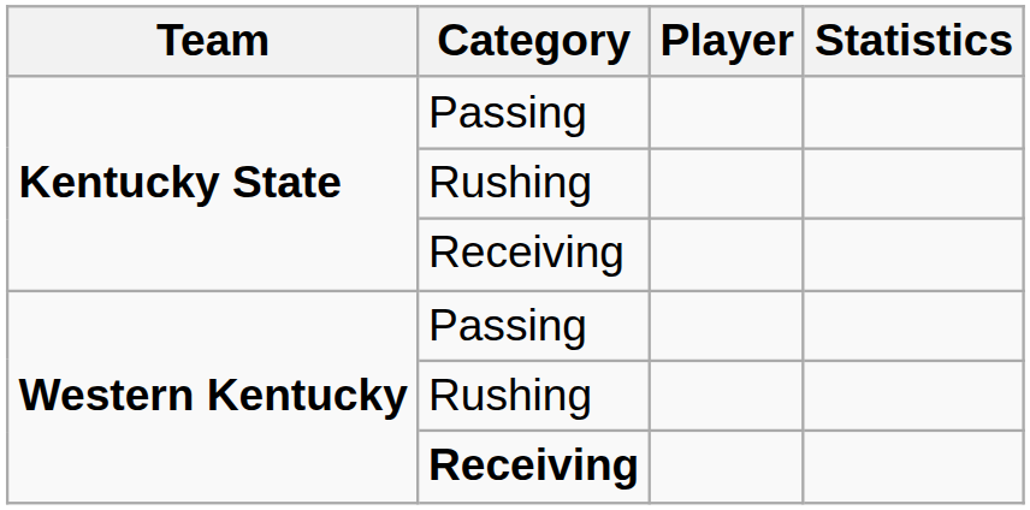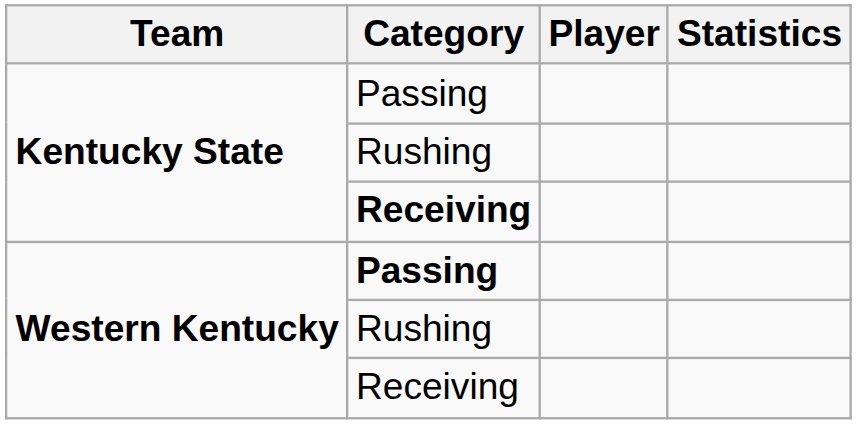 <table class="wikitable" style="float: right;">
 <tr>
 <th>Team</th>
 <th>Category</th>
 <th>Player</th>
 <th>Statistics</th>
 </tr>
 <tr>
 <td rowspan=3><strong>Kentucky State</strong></td>
 <td>Passing</td>
 <td></td>
 <td></td>
 </tr>
 <tr>
 <td>Rushing</td>
 <td></td>
 <td></td>
 </tr>
 <tr>
-<td>Receiving</td>
+<td><strong>Receiving</strong></td>
 <td></td>
 <td></td>
 </tr>
 <tr>
 <td rowspan=3><strong>Western Kentucky</strong></td>
-<td>Passing</td>
+<td><strong>Passing</strong></td>
 <td></td>
 <td></td>
 </tr>
 <tr>
 <td>Rushing</td>
 <td></td>
 <td></td>
 </tr>
 <tr>
-<td><strong>Receiving</strong></td>
+<td>Receiving</td>
 <td></td>
 <td></td>
 </tr>
 </table>
